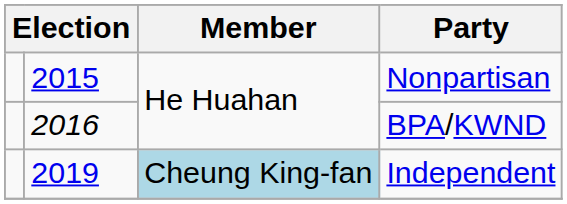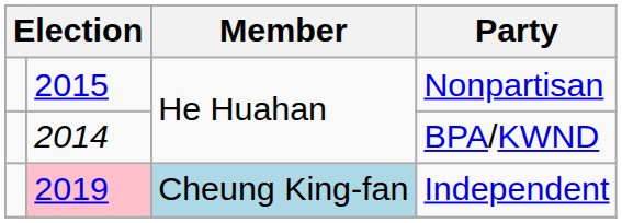 <table class="wikitable">
 <tr>
 <th colspan="2">Election</th>
 <th>Member</th>
 <th>Party</th>
 </tr>
 <tr>
 <td style="background-color:"></td>
 <td><a href='#'>2015</a></td>
 <td rowspan=2>He Huahan</td>
 <td><a href='#'>Nonpartisan</a></td>
 </tr>
 <tr>
 <td style="background-color:"></td>
-<td><em>2016</em></td>
+<td><em>2014</em></td>
 <td><a href='#'>BPA</a>/<a href='#'>KWND</a></td>
 </tr>
 <tr>
 <td style="background-color:"></td>
-<td><a href='#'>2019</a></td>
+<td style="background: pink;"><a href='#'>2019</a></td>
 <td style="background: lightblue;">Cheung King-fan</td>
 <td><a href='#'>Independent</a></td>
 </tr>
 <tr>
 </tr>
 </table>
